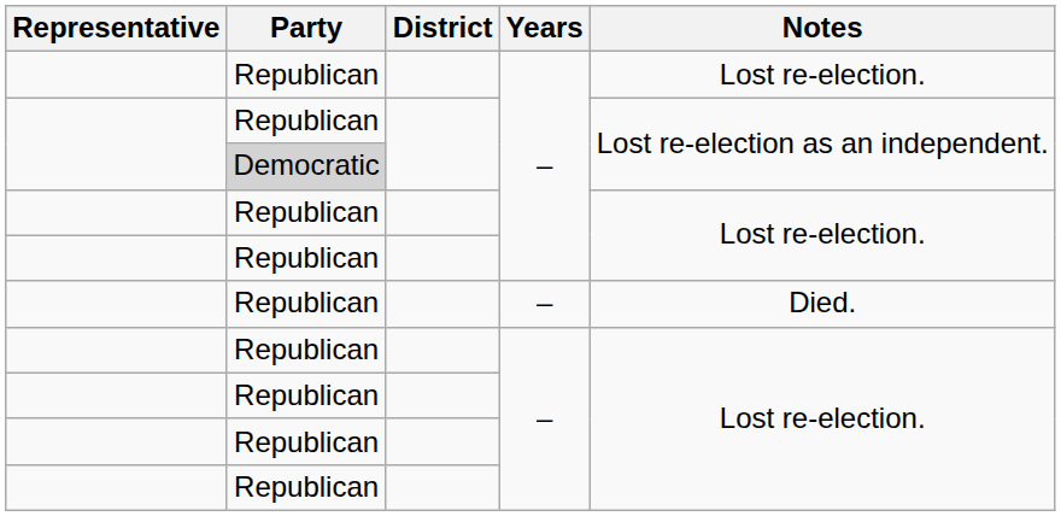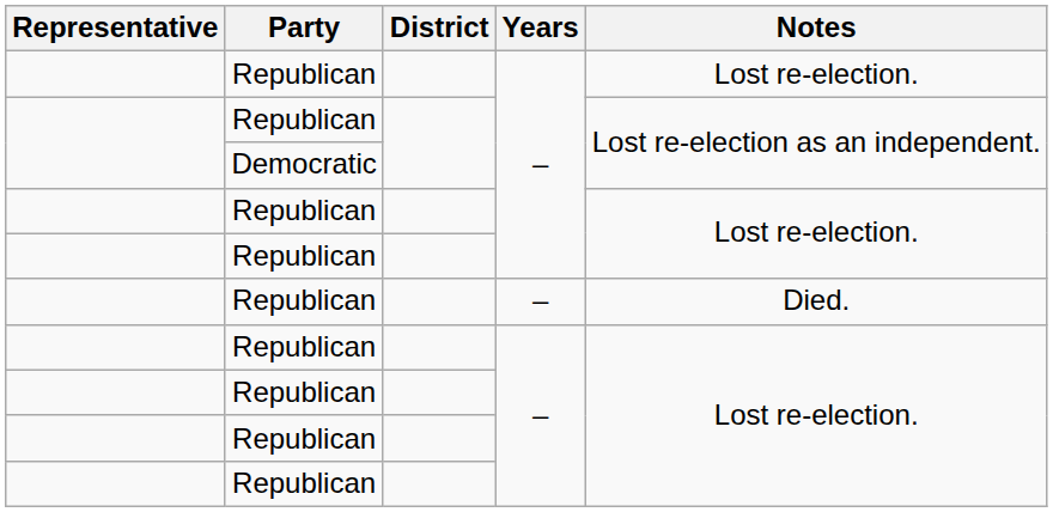 <table class="wikitable sortable" style="text-align:center">
 <tr valign=bottom>
 <th>Representative</th>
 <th>Party</th>
 <th>District</th>
 <th>Years</th>
 <th>Notes</th>
 </tr>
 <tr>
 <td align=left></td>
 <td>Republican</td>
 <td></td>
 <td rowspan="5" nowrap=""> –<br></td>
 <td>Lost re-election.</td>
 </tr>
 <tr>
 <td align=left rowspan=2></td>
 <td>Republican</td>
 <td rowspan=2></td>
 <td rowspan=2>Lost re-election as an independent.</td>
 </tr>
 <tr>
-<td style="background: lightgrey;">Democratic</td>
+<td>Democratic</td>
 </tr>
 <tr>
 <td align=left></td>
 <td>Republican</td>
 <td></td>
 <td rowspan="2">Lost re-election.</td>
 </tr>
 <tr>
 <td align=left></td>
 <td>Republican</td>
 <td></td>
 </tr>
 <tr>
 <td align=left></td>
 <td>Republican</td>
 <td></td>
 <td nowrap> –<br></td>
 <td>Died.</td>
 </tr>
 <tr>
 <td align=left></td>
 <td>Republican</td>
 <td></td>
 <td rowspan="4" nowrap=""> –<br></td>
 <td rowspan="4">Lost re-election.</td>
 </tr>
 <tr>
 <td align=left></td>
 <td>Republican</td>
 <td></td>
 </tr>
 <tr>
 <td align=left></td>
 <td>Republican</td>
 <td></td>
 </tr>
 <tr>
 <td align=left></td>
 <td>Republican</td>
 <td></td>
 </tr>
 </table>
